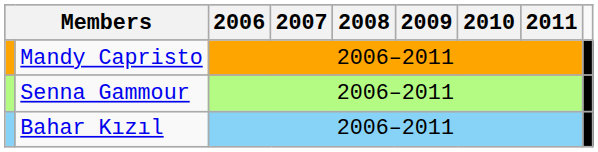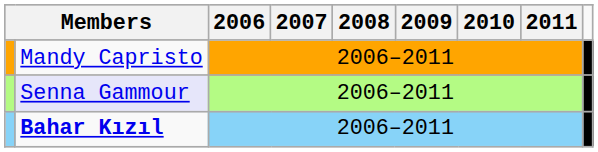 <table class="wikitable">
 <tr>
 <th colspan="2">Members</th>
 <th>2006</th>
 <th>2007</th>
 <th>2008</th>
 <th>2009</th>
 <th>2010</th>
 <th>2011</th>
 </tr>
 <tr>
 <td style="background:orange"></td>
 <td><a href='#'>Mandy Capristo</a></td>
 <td colspan="6" style="text-align:center; background:orange;">2006–2011</td>
 <td colspan="13" style="text-align:center; background:black;"></td>
 </tr>
 <tr>
 <td style="background:#B4FB84"></td>
-<td><a href='#'>Senna Gammour</a></td>
+<td style="background: lavender;"><a href='#'>Senna Gammour</a></td>
 <td colspan="6"  style="text-align:center; background:#b4fb84;">2006–2011</td>
 <td colspan="13" style="text-align:center; background:black;"></td>
 </tr>
 <tr>
 <td style="background:#87D3F8"></td>
-<td><a href='#'>Bahar Kızıl</a></td>
+<td><strong><a href='#'>Bahar Kızıl</a></strong></td>
 <td colspan="6"  style="text-align:center; background:#87d3f8;">2006–2011</td>
 <td colspan="13" style="text-align:center; background:black;"></td>
 </tr>
 </table>
